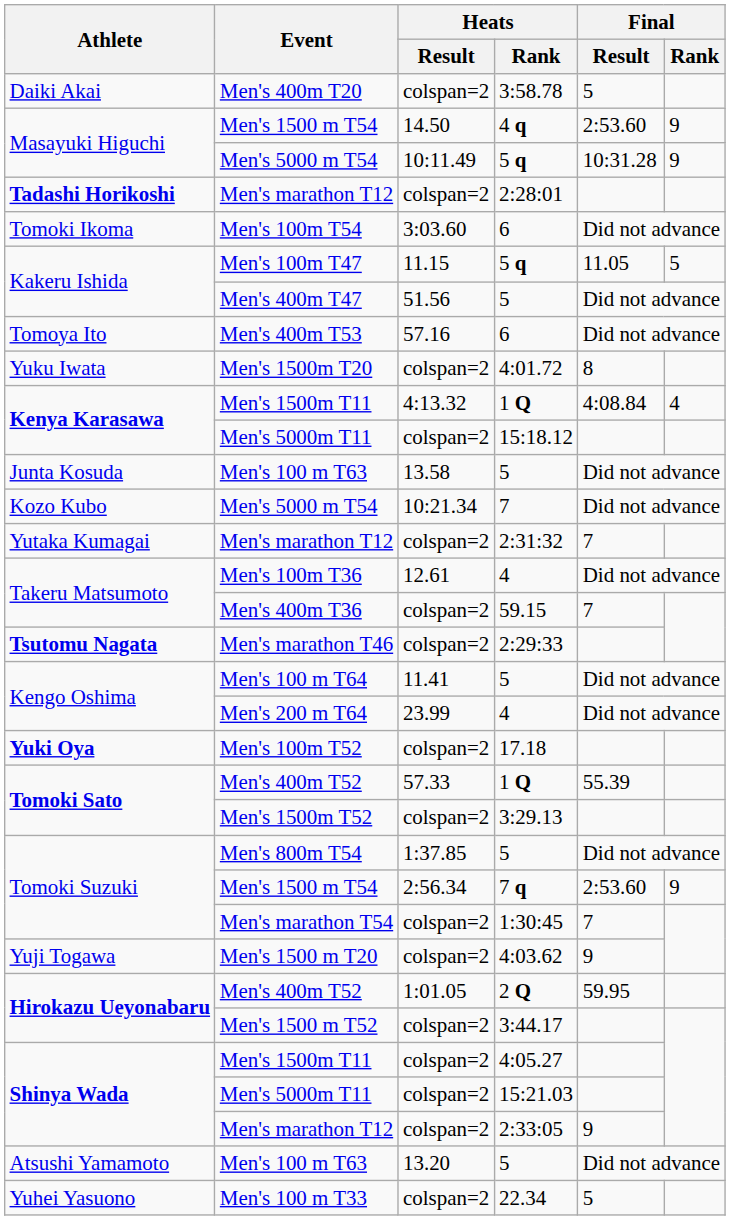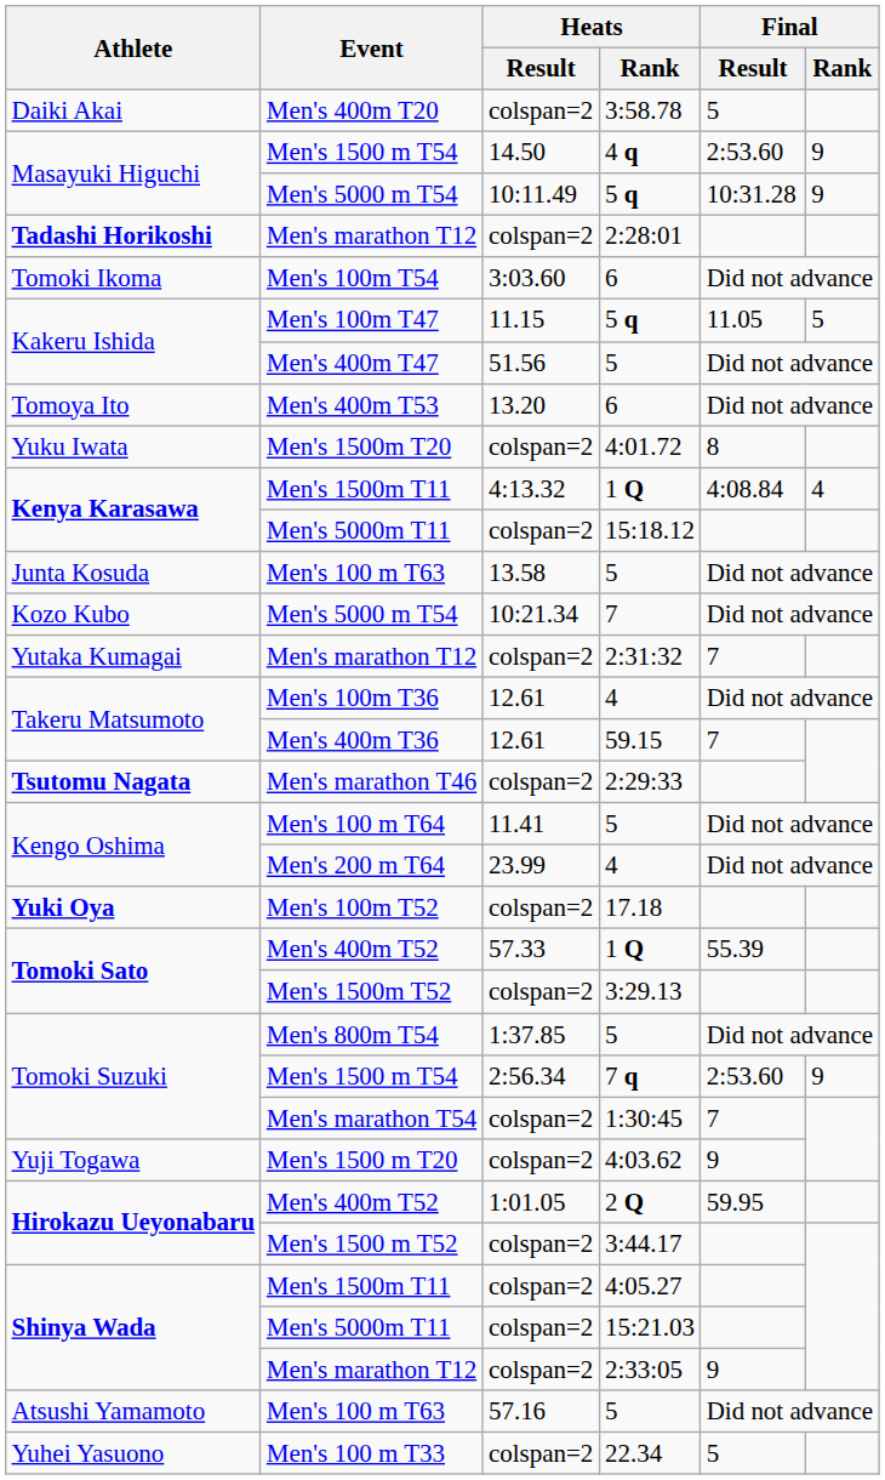 <table class=wikitable style="font-size:95%" style="text-align:center">
 <tr>
 <th rowspan="2">Athlete</th>
 <th rowspan="2">Event</th>
 <th colspan="2">Heats</th>
 <th colspan="2">Final</th>
 </tr>
 <tr>
 <th>Result</th>
 <th>Rank</th>
 <th>Result</th>
 <th>Rank</th>
 </tr>
 <tr>
 <td align=left><a href='#'>Daiki Akai</a></td>
 <td align=left><a href='#'>Men's 400m T20</a></td>
 <td>colspan=2 </td>
 <td>3:58.78</td>
 <td>5</td>
 </tr>
 <tr>
 <td align=left rowspan=2><a href='#'>Masayuki Higuchi</a></td>
 <td align=left><a href='#'>Men's 1500 m T54</a></td>
 <td>14.50</td>
 <td>4 <strong>q</strong></td>
 <td>2:53.60</td>
 <td>9</td>
 </tr>
 <tr>
 <td align=left><a href='#'>Men's 5000 m T54</a></td>
 <td>10:11.49</td>
 <td>5 <strong>q</strong></td>
 <td>10:31.28</td>
 <td>9</td>
 </tr>
 <tr>
 <td align=left><strong><a href='#'>Tadashi Horikoshi</a></strong></td>
 <td align=left><a href='#'>Men's marathon T12</a></td>
 <td>colspan=2 </td>
 <td>2:28:01</td>
 <td></td>
 </tr>
 <tr>
 <td align=left><a href='#'>Tomoki Ikoma</a></td>
 <td align=left><a href='#'>Men's 100m T54</a></td>
 <td>3:03.60</td>
 <td>6</td>
 <td colspan=2>Did not advance</td>
 </tr>
 <tr>
 <td align=left rowspan=2><a href='#'>Kakeru Ishida</a></td>
 <td align=left><a href='#'>Men's 100m T47</a></td>
 <td>11.15</td>
 <td>5 <strong>q</strong></td>
 <td>11.05</td>
 <td>5</td>
 </tr>
 <tr>
 <td align=left><a href='#'>Men's 400m T47</a></td>
 <td>51.56</td>
 <td>5</td>
 <td colspan=2>Did not advance</td>
 </tr>
 <tr>
 <td align=left><a href='#'>Tomoya Ito</a></td>
 <td align=left><a href='#'>Men's 400m T53</a></td>
-<td>57.16</td>
+<td>13.20</td>
 <td>6</td>
 <td colspan=2>Did not advance</td>
 </tr>
 <tr>
 <td align=left><a href='#'>Yuku Iwata</a></td>
 <td align=left><a href='#'>Men's 1500m T20</a></td>
 <td>colspan=2 </td>
 <td>4:01.72</td>
 <td>8</td>
 </tr>
 <tr>
 <td align=left rowspan=2><strong><a href='#'>Kenya Karasawa</a></strong></td>
 <td align=left><a href='#'>Men's 1500m T11</a></td>
 <td>4:13.32</td>
 <td>1	 <strong>Q</strong></td>
 <td>4:08.84</td>
 <td>4</td>
 </tr>
 <tr>
 <td align=left><a href='#'>Men's 5000m T11</a></td>
 <td>colspan=2 </td>
 <td>15:18.12</td>
 <td></td>
 </tr>
 <tr>
 <td align=left><a href='#'>Junta Kosuda</a></td>
 <td align=left><a href='#'>Men's 100 m T63</a></td>
 <td>13.58</td>
 <td>5</td>
 <td colspan=2>Did not advance</td>
 </tr>
 <tr>
 <td align=left><a href='#'>Kozo Kubo</a></td>
 <td align=left><a href='#'>Men's 5000 m T54</a></td>
 <td>10:21.34</td>
 <td>7</td>
 <td colspan=2>Did not advance</td>
 </tr>
 <tr>
 <td align=left><a href='#'>Yutaka Kumagai</a></td>
 <td align=left><a href='#'>Men's marathon T12</a></td>
 <td>colspan=2 </td>
 <td>2:31:32</td>
 <td>7</td>
 </tr>
 <tr>
 <td align=left rowspan=2><a href='#'>Takeru Matsumoto</a></td>
 <td align=left><a href='#'>Men's 100m T36</a></td>
 <td>12.61</td>
 <td>4</td>
 <td colspan=2>Did not advance</td>
 </tr>
 <tr>
 <td align=left><a href='#'>Men's 400m T36</a></td>
-<td>colspan=2 </td>
+<td>12.61</td>
 <td>59.15</td>
 <td>7</td>
 </tr>
 <tr>
 <td align=left><strong><a href='#'>Tsutomu Nagata</a></strong></td>
 <td align=left><a href='#'>Men's marathon T46</a></td>
 <td>colspan=2 </td>
 <td>2:29:33</td>
 <td></td>
 </tr>
 <tr>
 <td align=left rowspan=2><a href='#'>Kengo Oshima</a></td>
 <td align=left><a href='#'>Men's 100 m T64</a></td>
 <td>11.41</td>
 <td>5</td>
 <td colspan=2>Did not advance</td>
 </tr>
 <tr>
 <td align=left><a href='#'>Men's 200 m T64</a></td>
 <td>23.99</td>
 <td>4</td>
 <td colspan=2>Did not advance</td>
 </tr>
 <tr>
 <td align=left><strong><a href='#'>Yuki Oya</a></strong></td>
 <td align=left><a href='#'>Men's 100m T52</a></td>
 <td>colspan=2 </td>
 <td>17.18</td>
 <td></td>
 </tr>
 <tr>
 <td align=left rowspan=2><strong><a href='#'>Tomoki Sato</a></strong></td>
 <td align=left><a href='#'>Men's 400m T52</a></td>
 <td>57.33</td>
 <td>1 <strong>Q</strong></td>
 <td>55.39</td>
 <td></td>
 </tr>
 <tr>
 <td align=left><a href='#'>Men's 1500m T52</a></td>
 <td>colspan=2 </td>
 <td>3:29.13</td>
 <td></td>
 </tr>
 <tr>
 <td align=left rowspan=3><a href='#'>Tomoki Suzuki</a></td>
 <td align=left><a href='#'>Men's 800m T54</a></td>
 <td>1:37.85</td>
 <td>5</td>
 <td colspan=2>Did not advance</td>
 </tr>
 <tr>
 <td align=left><a href='#'>Men's 1500 m T54</a></td>
 <td>2:56.34</td>
 <td>7 <strong>q</strong></td>
 <td>2:53.60</td>
 <td>9</td>
 </tr>
 <tr>
 <td align=left><a href='#'>Men's marathon T54</a></td>
 <td>colspan=2 </td>
 <td>1:30:45</td>
 <td>7</td>
 </tr>
 <tr>
 <td align=left><a href='#'>Yuji Togawa</a></td>
 <td align=left><a href='#'>Men's 1500 m T20</a></td>
 <td>colspan=2 </td>
 <td>4:03.62</td>
 <td>9</td>
 </tr>
 <tr>
 <td align=left rowspan=2><strong><a href='#'>Hirokazu Ueyonabaru</a></strong></td>
 <td align=left><a href='#'>Men's 400m T52</a></td>
 <td>1:01.05</td>
 <td>2 <strong>Q</strong></td>
 <td>59.95</td>
 <td></td>
 </tr>
 <tr>
 <td align=left><a href='#'>Men's 1500 m T52</a></td>
 <td>colspan=2 </td>
 <td>3:44.17</td>
 <td></td>
 </tr>
 <tr>
 <td align=left rowspan=3><strong><a href='#'>Shinya Wada</a></strong></td>
 <td align=left><a href='#'>Men's 1500m T11</a></td>
 <td>colspan=2 </td>
 <td>4:05.27</td>
 <td></td>
 </tr>
 <tr>
 <td align=left><a href='#'>Men's 5000m T11</a></td>
 <td>colspan=2 </td>
 <td>15:21.03</td>
 <td></td>
 </tr>
 <tr>
 <td align=left><a href='#'>Men's marathon T12</a></td>
 <td>colspan=2 </td>
 <td>2:33:05</td>
 <td>9</td>
 </tr>
 <tr>
 <td align=left><a href='#'>Atsushi Yamamoto</a></td>
 <td align=left><a href='#'>Men's 100 m T63</a></td>
-<td>13.20</td>
+<td>57.16</td>
 <td>5</td>
 <td colspan=2>Did not advance</td>
 </tr>
 <tr>
 <td align=left><a href='#'>Yuhei Yasuono</a></td>
 <td align=left><a href='#'>Men's 100 m T33</a></td>
 <td>colspan=2 </td>
 <td>22.34</td>
 <td>5</td>
 </tr>
 </table>
